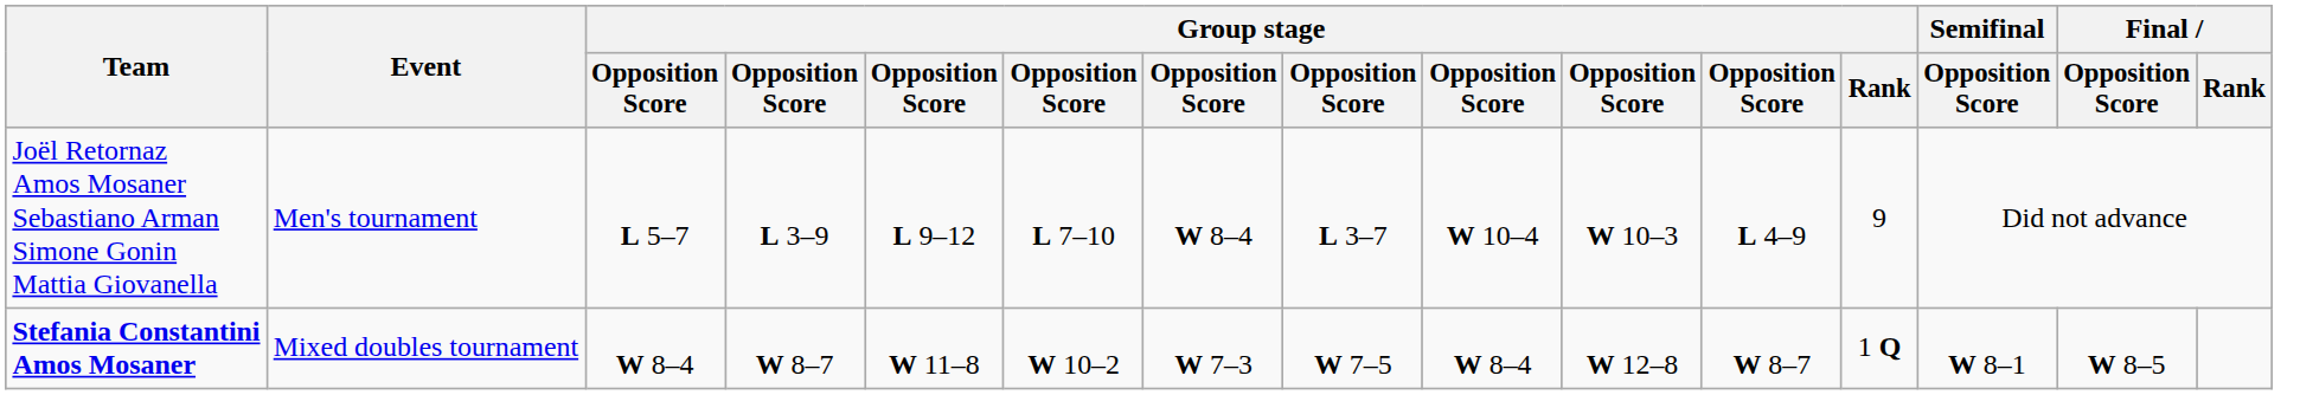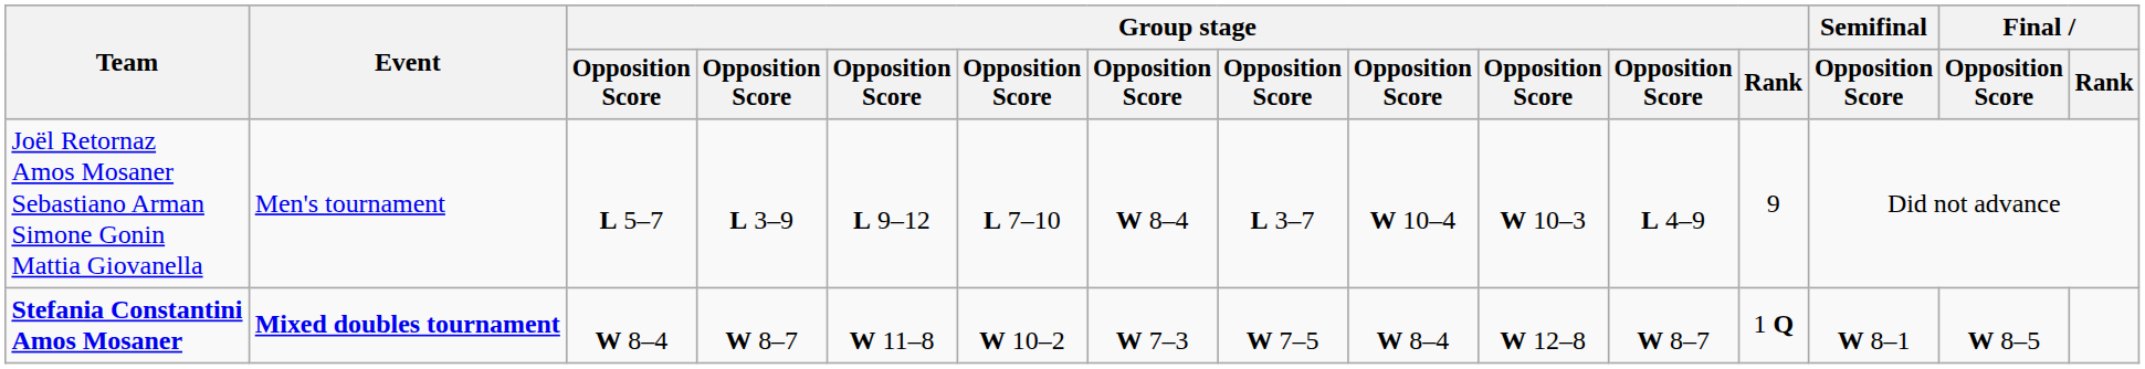 <table class=wikitable style=font-size:90%;text-align:center>
 <tr>
 <th rowspan=2>Team</th>
 <th rowspan=2>Event</th>
 <th colspan=10>Group stage</th>
 <th>Semifinal</th>
 <th colspan=2>Final / </th>
 </tr>
 <tr style="font-size:95%">
 <th>Opposition<br>Score</th>
 <th>Opposition<br>Score</th>
 <th>Opposition<br>Score</th>
 <th>Opposition<br>Score</th>
 <th>Opposition<br>Score</th>
 <th>Opposition<br>Score</th>
 <th>Opposition<br>Score</th>
 <th>Opposition<br>Score</th>
 <th>Opposition<br>Score</th>
 <th>Rank</th>
 <th>Opposition<br>Score</th>
 <th>Opposition<br>Score</th>
 <th>Rank</th>
 </tr>
 <tr>
 <td align=left><a href='#'>Joël Retornaz</a><br><a href='#'>Amos Mosaner</a><br><a href='#'>Sebastiano Arman</a><br><a href='#'>Simone Gonin</a><br><a href='#'>Mattia Giovanella</a></td>
 <td align=left><a href='#'>Men's tournament</a></td>
 <td><br><strong>L</strong> 5–7</td>
 <td><br><strong>L</strong> 3–9</td>
 <td><br><strong>L</strong> 9–12</td>
 <td><br><strong>L</strong> 7–10</td>
 <td><br><strong>W</strong> 8–4</td>
 <td><br><strong>L</strong> 3–7</td>
 <td><br><strong>W</strong> 10–4</td>
 <td><br><strong>W</strong> 10–3</td>
 <td><br><strong>L</strong> 4–9</td>
 <td>9</td>
 <td colspan="3">Did not advance</td>
 </tr>
 <tr>
 <td align=left><strong><a href='#'>Stefania Constantini</a><br><a href='#'>Amos Mosaner</a></strong></td>
-<td align=left><a href='#'>Mixed doubles tournament</a></td>
+<td align=left><strong><a href='#'>Mixed doubles tournament</a></strong></td>
 <td><br><strong>W</strong> 8–4</td>
 <td><br><strong>W</strong> 8–7</td>
 <td><br><strong>W</strong> 11–8</td>
 <td><br><strong>W</strong> 10–2</td>
 <td><br><strong>W</strong> 7–3</td>
 <td><br><strong>W</strong> 7–5</td>
 <td><br><strong>W</strong> 8–4</td>
 <td><br><strong>W</strong> 12–8</td>
 <td><br><strong>W</strong> 8–7</td>
 <td>1 <strong>Q</strong></td>
 <td><br><strong>W</strong> 8–1</td>
 <td><br><strong>W</strong> 8–5</td>
 <td></td>
 </tr>
 </table>
